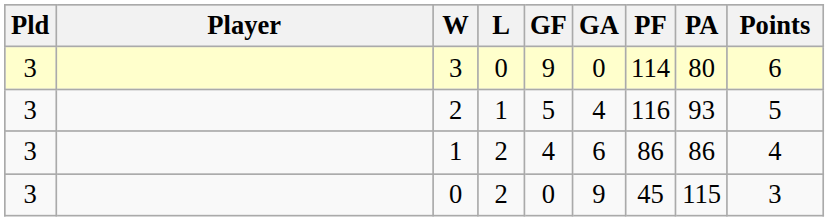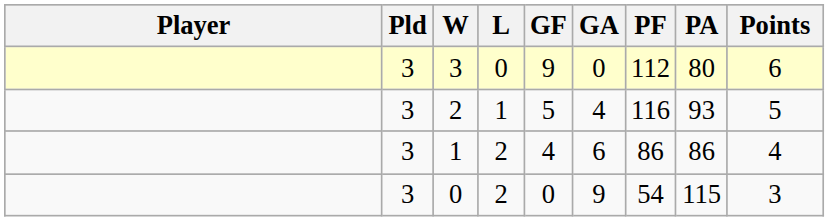 <table class=wikitable style="text-align:center;">
 <tr>
+<th width=220>Player</th>
 <th width=20>Pld</th>
-<th width=220>Player</th>
 <th width=20>W</th>
 <th width=20>L</th>
 <th width=20>GF</th>
 <th width=20>GA</th>
 <th width=20>PF</th>
 <th width=20>PA</th>
 <th width=50>Points</th>
 </tr>
 <tr bgcolor=#ffffcc>
+<td style="text-align:left;"></td>
 <td>3</td>
-<td style="text-align:left;"></td>
 <td>3</td>
 <td>0</td>
 <td>9</td>
 <td>0</td>
-<td>114</td>
+<td>112</td>
 <td>80</td>
 <td>6</td>
 </tr>
 <tr>
+<td style="text-align:left;"></td>
 <td>3</td>
-<td style="text-align:left;"></td>
 <td>2</td>
 <td>1</td>
 <td>5</td>
 <td>4</td>
 <td>116</td>
 <td>93</td>
 <td>5</td>
 </tr>
 <tr>
+<td style="text-align:left;"></td>
 <td>3</td>
-<td style="text-align:left;"></td>
 <td>1</td>
 <td>2</td>
 <td>4</td>
 <td>6</td>
 <td>86</td>
 <td>86</td>
 <td>4</td>
 </tr>
 <tr>
+<td style="text-align:left;"></td>
 <td>3</td>
-<td style="text-align:left;"></td>
 <td>0</td>
 <td>2</td>
 <td>0</td>
 <td>9</td>
-<td>45</td>
+<td>54</td>
 <td>115</td>
 <td>3</td>
 </tr>
 </table>
